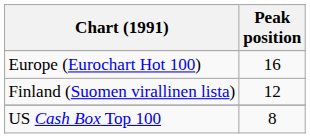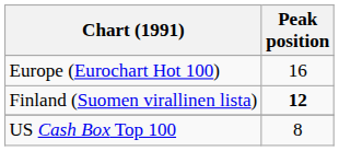 <table class="wikitable sortable">
 <tr>
 <th>Chart (1991)</th>
 <th>Peak<br>position</th>
 </tr>
 <tr>
 </tr>
 <tr>
 </tr>
 <tr>
 </tr>
 <tr>
 </tr>
 <tr>
 <td>Europe (<a href='#'>Eurochart Hot 100</a>)</td>
 <td align="center">16</td>
 </tr>
 <tr>
 <td>Finland (<a href='#'>Suomen virallinen lista</a>)</td>
-<td align="center">12</td>
+<td align="center"><strong>12</strong></td>
 </tr>
 <tr>
 </tr>
 <tr>
 </tr>
 <tr>
 </tr>
 <tr>
 </tr>
 <tr>
 </tr>
 <tr>
 </tr>
 <tr>
 </tr>
 <tr>
 </tr>
 <tr>
 </tr>
 <tr>
 </tr>
 <tr>
 </tr>
 <tr>
 </tr>
 <tr>
 </tr>
 <tr>
 <td>US <a href='#'><em>Cash Box</em> Top 100</a></td>
 <td align="center">8</td>
 </tr>
 </table>
